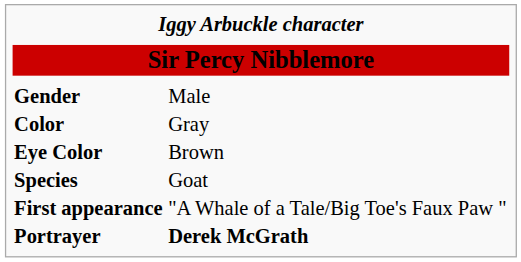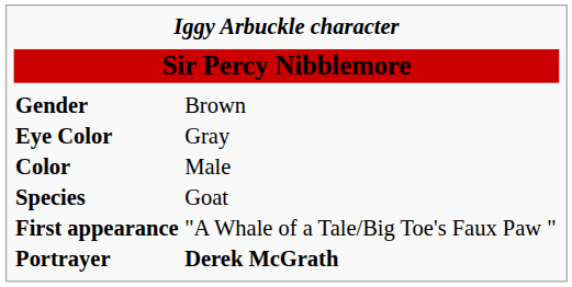 <table class="infobox" style="width: 25em;">
 <tr>
 <td colspan="2" style="text-align:center;"><strong><em>Iggy Arbuckle character</em></strong></td>
 </tr>
 <tr>
 <td colspan="2" style="text-align:center;"></td>
 </tr>
 <tr>
 <th colspan="2" style="font-size: larger; background-color:#c00; color:#000;"><strong>Sir Percy Nibblemore</strong></th>
 </tr>
 <tr>
 <td colspan="2"></td>
 </tr>
 <tr>
 <td><strong>Gender</strong></td>
-<td>Male</td>
+<td>Brown</td>
+</tr>
+<tr>
+<td><strong>Eye Color</strong></td>
+<td>Gray</td>
 </tr>
 <tr>
 <td><strong>Color</strong></td>
-<td>Gray</td>
-</tr>
-<tr>
-<td><strong>Eye Color</strong></td>
-<td>Brown</td>
+<td>Male</td>
 </tr>
 <tr>
 <td><strong>Species</strong></td>
 <td>Goat</td>
 </tr>
 <tr>
 <td><strong>First appearance</strong></td>
 <td>"A Whale of a Tale/Big Toe's Faux Paw "</td>
 </tr>
 <tr>
 <td><strong>Portrayer</strong></td>
 <td><strong>Derek McGrath</strong></td>
 </tr>
 </table>
